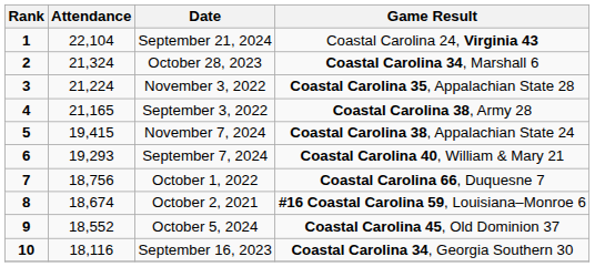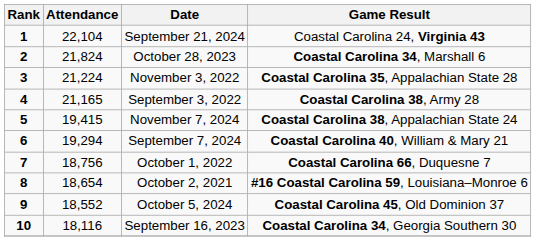 <table class="wikitable">
 <tr>
 <th>Rank</th>
 <th>Attendance</th>
 <th>Date</th>
 <th>Game Result</th>
 </tr>
 <tr align="center">
 <td><strong>1</strong></td>
 <td>22,104</td>
 <td>September 21, 2024</td>
 <td>Coastal Carolina 24, <strong>Virginia 43</strong></td>
 </tr>
 <tr align="center">
 <td><strong>2</strong></td>
-<td>21,324</td>
+<td>21,824</td>
 <td>October 28, 2023</td>
 <td><strong>Coastal Carolina 34</strong>, Marshall 6</td>
 </tr>
 <tr align="center">
 <td><strong>3</strong></td>
 <td>21,224</td>
 <td>November 3, 2022</td>
 <td><strong>Coastal Carolina 35</strong>, Appalachian State 28</td>
 </tr>
 <tr align="center">
 <td><strong>4</strong></td>
 <td>21,165</td>
 <td>September 3, 2022</td>
 <td><strong>Coastal Carolina 38</strong>, Army 28</td>
 </tr>
 <tr align="center">
 <td><strong>5</strong></td>
 <td>19,415</td>
 <td>November 7, 2024</td>
 <td><strong> Coastal Carolina 38</strong>, Appalachian State 24</td>
 </tr>
 <tr align="center">
 <td><strong>6</strong></td>
-<td>19,293</td>
+<td>19,294</td>
 <td>September 7, 2024</td>
 <td><strong> Coastal Carolina 40</strong>, William & Mary 21</td>
 </tr>
 <tr align="center">
 <td><strong>7</strong></td>
 <td>18,756</td>
 <td>October 1, 2022</td>
 <td><strong>Coastal Carolina 66</strong>, Duquesne 7</td>
 </tr>
 <tr align="center">
 <td><strong>8</strong></td>
-<td>18,674</td>
+<td>18,654</td>
 <td>October 2, 2021</td>
 <td><strong>#16 Coastal Carolina 59</strong>, Louisiana–Monroe 6</td>
 </tr>
 <tr align="center">
 <td><strong>9</strong></td>
 <td>18,552</td>
 <td>October 5, 2024</td>
 <td><strong>Coastal Carolina 45</strong>, Old Dominion 37</td>
 </tr>
 <tr align="center">
 <td><strong>10</strong></td>
 <td>18,116</td>
 <td>September 16, 2023</td>
 <td><strong> Coastal Carolina 34</strong>, Georgia Southern 30</td>
 </tr>
 <tr>
 </tr>
 </table>
